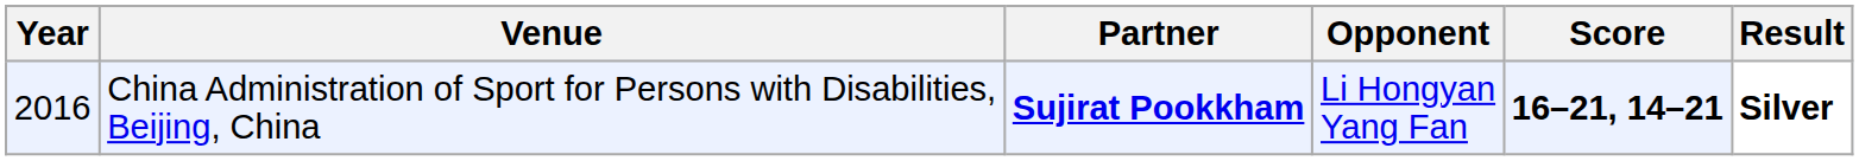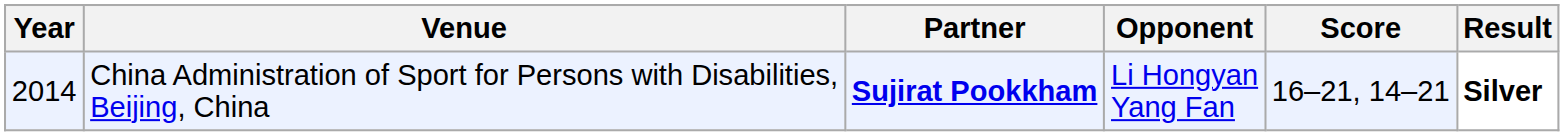 <table class="sortable wikitable" style="font-size: 90%;">
 <tr>
 <th>Year</th>
 <th>Venue</th>
 <th>Partner</th>
 <th>Opponent</th>
 <th>Score</th>
 <th>Result</th>
 </tr>
 <tr style="background:#ECF2FF">
-<td align="center">2016</td>
+<td align="center">2014</td>
 <td align="left">China Administration of Sport for Persons with Disabilities,<br><a href='#'>Beijing</a>, China</td>
 <td align="left"><strong> <a href='#'>Sujirat Pookkham</a></strong></td>
 <td align="left"> <a href='#'>Li Hongyan</a> <br>  <a href='#'>Yang Fan</a></td>
-<td align="left"><strong>16–21, 14–21</strong></td>
+<td align="left">16–21, 14–21</td>
 <td style="text-align:left; background:white"> <strong>Silver</strong></td>
 </tr>
 </table>
